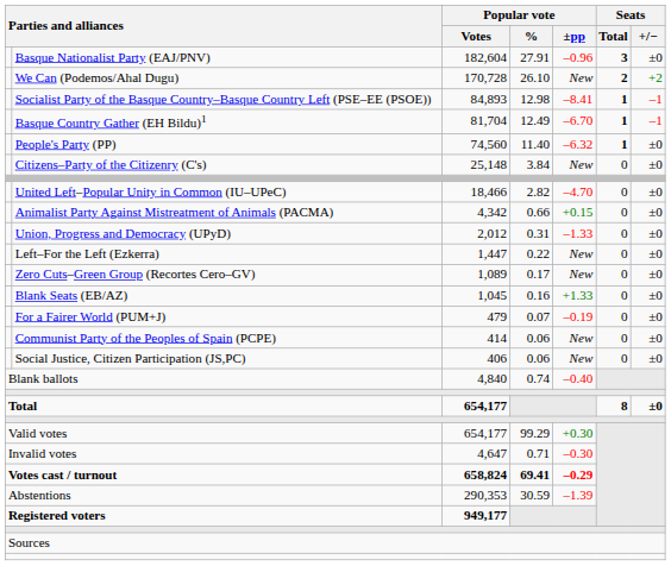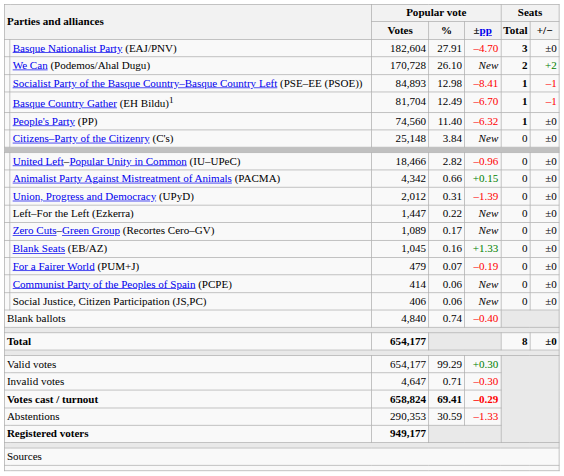 <table class="wikitable" style="text-align:right;">
 <tr>
 <th style="text-align:left;" rowspan="2" colspan="2" width="525">Parties and alliances</th>
 <th colspan="3">Popular vote</th>
 <th colspan="2">Seats</th>
 </tr>
 <tr>
 <th width="75">Votes</th>
 <th width="45">%</th>
 <th width="45">±<a href='#'>pp</a></th>
 <th width="35">Total</th>
 <th width="35">+/−</th>
 </tr>
 <tr>
 <td width="1" style="color:inherit;background:"></td>
 <td align="left"><a href='#'>Basque Nationalist Party</a> (EAJ/PNV)</td>
 <td>182,604</td>
 <td>27.91</td>
-<td style="color:red;">–0.96</td>
+<td style="color:red;">–4.70</td>
 <td><strong>3</strong></td>
 <td>±0</td>
 </tr>
 <tr>
 <td style="color:inherit;background:"></td>
 <td align="left"><a href='#'>We Can</a> (Podemos/Ahal Dugu)</td>
 <td>170,728</td>
 <td>26.10</td>
 <td><em>New</em></td>
 <td><strong>2</strong></td>
 <td style="color:green;">+2</td>
 </tr>
 <tr>
 <td style="color:inherit;background:"></td>
 <td align="left"><a href='#'>Socialist Party of the Basque Country–Basque Country Left</a> (PSE–EE (PSOE))</td>
 <td>84,893</td>
 <td>12.98</td>
 <td style="color:red;">–8.41</td>
 <td><strong>1</strong></td>
 <td style="color:red;">–1</td>
 </tr>
 <tr>
 <td style="color:inherit;background:"></td>
 <td align="left"><a href='#'>Basque Country Gather</a> (EH Bildu)<sup>1</sup></td>
 <td>81,704</td>
 <td>12.49</td>
 <td style="color:red;">–6.70</td>
 <td><strong>1</strong></td>
 <td style="color:red;">–1</td>
 </tr>
 <tr>
 <td style="color:inherit;background:"></td>
 <td align="left"><a href='#'>People's Party</a> (PP)</td>
 <td>74,560</td>
 <td>11.40</td>
 <td style="color:red;">–6.32</td>
 <td><strong>1</strong></td>
 <td>±0</td>
 </tr>
 <tr>
 <td style="color:inherit;background:"></td>
 <td align="left"><a href='#'>Citizens–Party of the Citizenry</a> (C's)</td>
 <td>25,148</td>
 <td>3.84</td>
 <td><em>New</em></td>
 <td>0</td>
 <td>±0</td>
 </tr>
 <tr>
 <td colspan="7" bgcolor="#C0C0C0"></td>
 </tr>
 <tr>
 <td style="color:inherit;background:"></td>
 <td align="left"><a href='#'>United Left</a>–<a href='#'>Popular Unity in Common</a> (IU–UPeC)</td>
 <td>18,466</td>
 <td>2.82</td>
-<td style="color:red;">–4.70</td>
+<td style="color:red;">–0.96</td>
 <td>0</td>
 <td>±0</td>
 </tr>
 <tr>
 <td style="color:inherit;background:"></td>
 <td align="left"><a href='#'>Animalist Party Against Mistreatment of Animals</a> (PACMA)</td>
 <td>4,342</td>
 <td>0.66</td>
 <td style="color:green;">+0.15</td>
 <td>0</td>
 <td>±0</td>
 </tr>
 <tr>
 <td style="color:inherit;background:"></td>
 <td align="left"><a href='#'>Union, Progress and Democracy</a> (UPyD)</td>
 <td>2,012</td>
 <td>0.31</td>
-<td style="color:red;">–1.33</td>
+<td style="color:red;">–1.39</td>
 <td>0</td>
 <td>±0</td>
 </tr>
 <tr>
 <td style="color:inherit;background:"></td>
 <td align="left">Left–For the Left (Ezkerra)</td>
 <td>1,447</td>
 <td>0.22</td>
 <td><em>New</em></td>
 <td>0</td>
 <td>±0</td>
 </tr>
 <tr>
 <td style="color:inherit;background:"></td>
 <td align="left"><a href='#'>Zero Cuts</a>–<a href='#'>Green Group</a> (Recortes Cero–GV)</td>
 <td>1,089</td>
 <td>0.17</td>
 <td><em>New</em></td>
 <td>0</td>
 <td>±0</td>
 </tr>
 <tr>
 <td style="color:inherit;background:"></td>
 <td align="left"><a href='#'>Blank Seats</a> (EB/AZ)</td>
 <td>1,045</td>
 <td>0.16</td>
 <td style="color:green;">+1.33</td>
 <td>0</td>
 <td>±0</td>
 </tr>
 <tr>
 <td style="color:inherit;background:"></td>
 <td align="left"><a href='#'>For a Fairer World</a> (PUM+J)</td>
 <td>479</td>
 <td>0.07</td>
 <td style="color:red;">–0.19</td>
 <td>0</td>
 <td>±0</td>
 </tr>
 <tr>
 <td style="color:inherit;background:"></td>
 <td align="left"><a href='#'>Communist Party of the Peoples of Spain</a> (PCPE)</td>
 <td>414</td>
 <td>0.06</td>
 <td><em>New</em></td>
 <td>0</td>
 <td>±0</td>
 </tr>
 <tr>
 <td style="color:inherit;background:"></td>
 <td align="left">Social Justice, Citizen Participation (JS,PC)</td>
 <td>406</td>
 <td>0.06</td>
 <td><em>New</em></td>
 <td>0</td>
 <td>±0</td>
 </tr>
 <tr>
 <td align="left" colspan="2">Blank ballots</td>
 <td>4,840</td>
 <td>0.74</td>
 <td style="color:red;">–0.40</td>
 <td bgcolor="#E9E9E9" colspan="2"></td>
 </tr>
 <tr>
 <td colspan="7" bgcolor="#E9E9E9"></td>
 </tr>
 <tr style="font-weight:bold;">
 <td align="left" colspan="2">Total</td>
 <td>654,177</td>
 <td bgcolor="#E9E9E9" colspan="2"></td>
 <td>8</td>
 <td>±0</td>
 </tr>
 <tr>
 <td colspan="7" bgcolor="#E9E9E9"></td>
 </tr>
 <tr>
 <td align="left" colspan="2">Valid votes</td>
 <td>654,177</td>
 <td>99.29</td>
 <td style="color:green;">+0.30</td>
 <td bgcolor="#E9E9E9" colspan="2" rowspan="5"></td>
 </tr>
 <tr>
 <td align="left" colspan="2">Invalid votes</td>
 <td>4,647</td>
 <td>0.71</td>
 <td style="color:red;">–0.30</td>
 </tr>
 <tr style="font-weight:bold;">
 <td align="left" colspan="2">Votes cast / turnout</td>
 <td>658,824</td>
 <td>69.41</td>
 <td style="color:red;">–0.29</td>
 </tr>
 <tr>
 <td align="left" colspan="2">Abstentions</td>
 <td>290,353</td>
 <td>30.59</td>
-<td style="color:red;">–1.39</td>
+<td style="color:red;">–1.33</td>
 </tr>
 <tr style="font-weight:bold;">
 <td align="left" colspan="2">Registered voters</td>
 <td>949,177</td>
 <td bgcolor="#E9E9E9" colspan="2"></td>
 </tr>
 <tr>
 <td colspan="7" bgcolor="#E9E9E9"></td>
 </tr>
 <tr>
 <td align="left" colspan="7">Sources</td>
 </tr>
 <tr>
 <td colspan="7" style="text-align:left; max-width:790px;"></td>
 </tr>
 </table>
